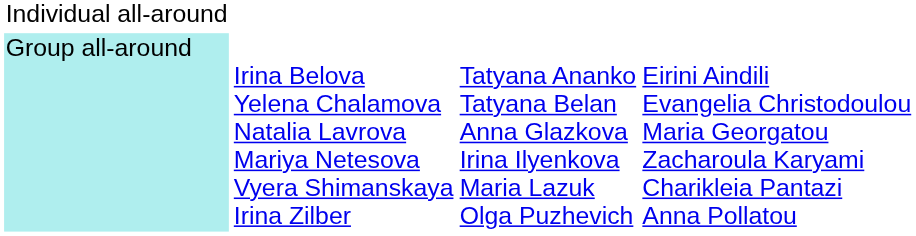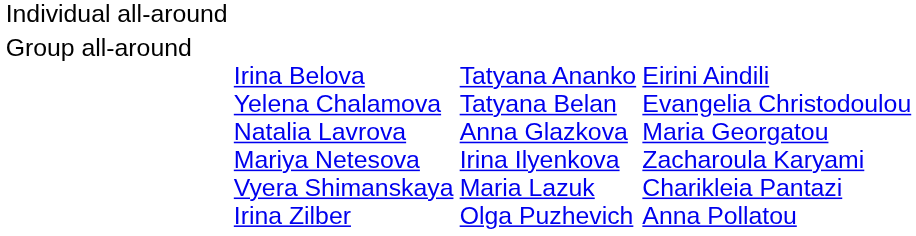 <table>
 <tr valign="top">
 <td>Individual all-around<br></td>
 <td></td>
 <td></td>
 <td></td>
 </tr>
 <tr valign="top">
-<td style="background: paleturquoise;">Group all-around<br></td>
+<td>Group all-around<br></td>
 <td><br><a href='#'>Irina Belova</a><br><a href='#'>Yelena Chalamova</a><br><a href='#'>Natalia Lavrova</a><br><a href='#'>Mariya Netesova</a><br><a href='#'>Vyera Shimanskaya</a><br><a href='#'>Irina Zilber</a></td>
 <td><br><a href='#'>Tatyana Ananko</a><br><a href='#'>Tatyana Belan</a><br><a href='#'>Anna Glazkova</a><br><a href='#'>Irina Ilyenkova</a><br><a href='#'>Maria Lazuk</a><br><a href='#'>Olga Puzhevich</a></td>
 <td><br><a href='#'>Eirini Aindili</a><br><a href='#'>Evangelia Christodoulou</a><br><a href='#'>Maria Georgatou</a><br><a href='#'>Zacharoula Karyami</a><br><a href='#'>Charikleia Pantazi</a><br><a href='#'>Anna Pollatou</a></td>
 </tr>
 <tr>
 </tr>
 </table>
